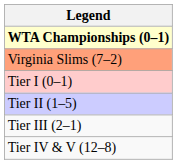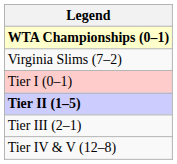 <table class="wikitable sortable mw-collapsible mw-collapsed">
 <tr>
 <th>Legend</th>
 </tr>
 <tr>
 <td style="background:#ffc;"><strong>WTA Championships (0–1)</strong></td>
 </tr>
 <tr>
-<td style="background: lightsalmon;">Virginia Slims (7–2)</td>
+<td>Virginia Slims (7–2)</td>
 </tr>
 <tr>
 <td style="background:#fcc;">Tier I (0–1)</td>
 </tr>
 <tr>
-<td style="background:#ccf;">Tier II (1–5)</td>
+<td style="background:#ccf;"><strong>Tier II (1–5)</strong></td>
 </tr>
 <tr>
 <td style="background:cfc;">Tier III (2–1)</td>
 </tr>
 <tr>
 <td style="background:6cf;">Tier IV & V (12–8)</td>
 </tr>
 </table>
